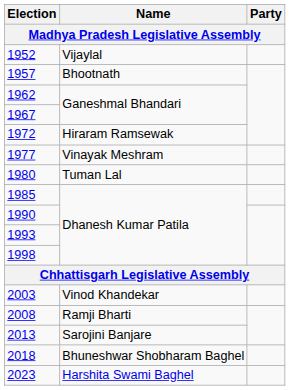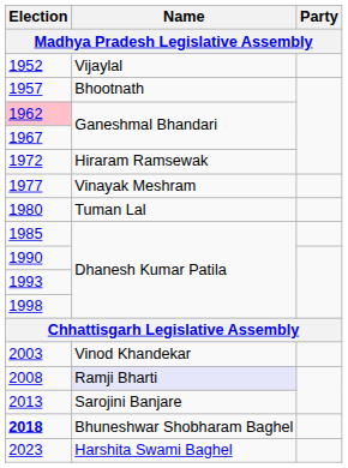 <table class="wikitable sortable">
 <tr>
 <th>Election</th>
 <th>Name</th>
 <th colspan="2">Party</th>
 </tr>
 <tr>
 <th colspan=4><a href='#'>Madhya Pradesh Legislative Assembly</a></th>
 </tr>
 <tr>
 <td><a href='#'>1952</a></td>
 <td rowspan="2">Vijaylal</td>
 <td></td>
 </tr>
 <tr>
 <td rowspan="2"><a href='#'>1957</a></td>
 </tr>
 <tr>
 <td>Bhootnath</td>
 </tr>
 <tr>
-<td><a href='#'>1962</a></td>
+<td style="background: pink;"><a href='#'>1962</a></td>
 <td rowspan=2>Ganeshmal Bhandari</td>
 </tr>
 <tr>
 <td><a href='#'>1967</a></td>
 </tr>
 <tr>
 <td><a href='#'>1972</a></td>
 <td>Hiraram Ramsewak</td>
 </tr>
 <tr>
 <td><a href='#'>1977</a></td>
 <td>Vinayak Meshram</td>
 <td></td>
 </tr>
 <tr>
 <td><a href='#'>1980</a></td>
 <td>Tuman Lal</td>
 <td></td>
 </tr>
 <tr>
 <td><a href='#'>1985</a></td>
 <td rowspan=4>Dhanesh Kumar Patila</td>
 <td></td>
 </tr>
 <tr>
 <td><a href='#'>1990</a></td>
 </tr>
 <tr>
 <td><a href='#'>1993</a></td>
 </tr>
 <tr>
 <td><a href='#'>1998</a></td>
 </tr>
 <tr>
 <th colspan=4><a href='#'>Chhattisgarh Legislative Assembly</a></th>
 </tr>
 <tr>
 <td><a href='#'>2003</a></td>
 <td>Vinod Khandekar</td>
 <td></td>
 </tr>
 <tr>
 <td><a href='#'>2008</a></td>
-<td>Ramji Bharti</td>
+<td style="background: lavender;">Ramji Bharti</td>
 </tr>
 <tr>
 <td><a href='#'>2013</a></td>
 <td>Sarojini Banjare</td>
 </tr>
 <tr>
-<td><a href='#'>2018</a></td>
+<td><strong><a href='#'>2018</a></strong></td>
 <td>Bhuneshwar Shobharam Baghel</td>
 <td></td>
 </tr>
 <tr>
 <td><a href='#'>2023</a></td>
 <td><a href='#'>Harshita Swami Baghel</a></td>
 </tr>
 </table>
